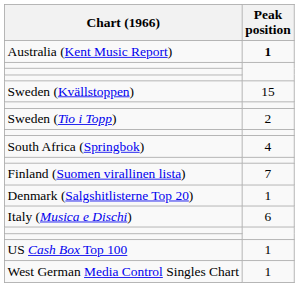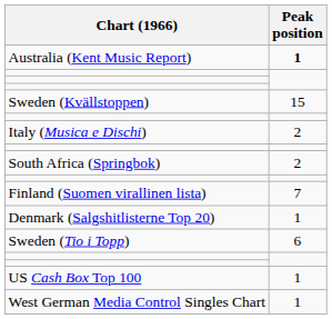 <table class="wikitable plainrowheaders sortable">
 <tr>
 <th>Chart (1966)</th>
 <th>Peak<br>position</th>
 </tr>
 <tr>
 <td>Australia (<a href='#'>Kent Music Report</a>)</td>
 <td align="center"><strong>1</strong></td>
 </tr>
 <tr>
 <td></td>
 </tr>
 <tr>
 <td></td>
 </tr>
 <tr>
 <td></td>
 </tr>
 <tr>
 <td>Sweden (<a href='#'>Kvällstoppen</a>)</td>
 <td style="text-align:center;">15</td>
 </tr>
 <tr>
 <td></td>
 </tr>
 <tr>
-<td>Sweden (<em><a href='#'>Tio i Topp</a></em>)</td>
+<td>Italy (<em><a href='#'>Musica e Dischi</a></em>)</td>
 <td align="center">2</td>
 </tr>
 <tr>
 <td></td>
 </tr>
 <tr>
 <td>South Africa (<a href='#'>Springbok</a>)</td>
-<td align="center">4</td>
+<td align="center">2</td>
 </tr>
 <tr>
 <td></td>
 </tr>
 <tr>
 <td>Finland (<a href='#'>Suomen virallinen lista</a>)</td>
 <td align="center">7</td>
 </tr>
 <tr>
 <td>Denmark (<a href='#'>Salgshitlisterne Top 20</a>)</td>
 <td style="text-align:center;">1</td>
 </tr>
 <tr>
-<td>Italy (<em><a href='#'>Musica e Dischi</a></em>)</td>
+<td>Sweden (<em><a href='#'>Tio i Topp</a></em>)</td>
 <td style="text-align:center;">6</td>
 </tr>
 <tr>
 <td></td>
 </tr>
 <tr>
 <td></td>
 </tr>
 <tr>
 <td>US <a href='#'><em>Cash Box</em> Top 100</a></td>
 <td align="center">1</td>
 </tr>
 <tr>
 <td>West German <a href='#'>Media Control</a> Singles Chart</td>
 <td align="center">1</td>
 </tr>
 </table>
